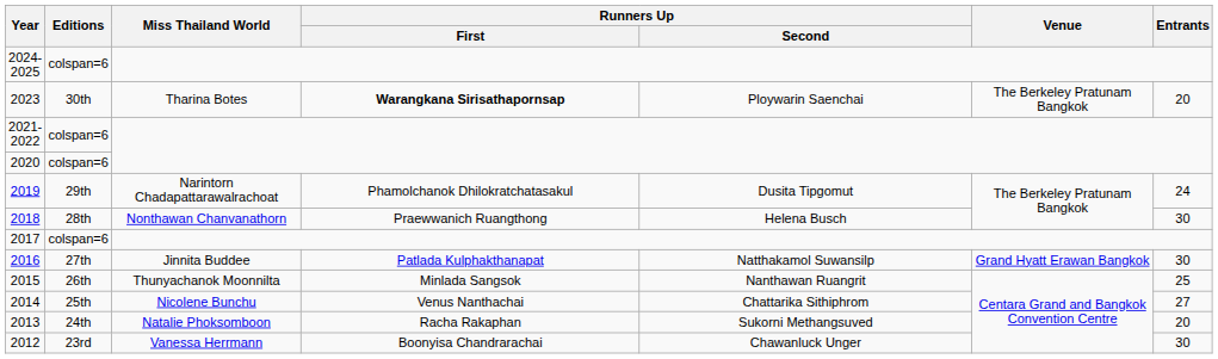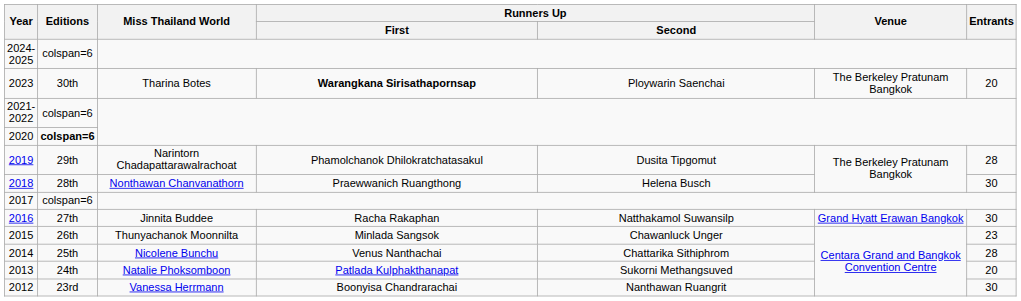 <table class="wikitable" style="font-size: 85%;">
 <tr>
 <th rowspan="2" width="1%">Year</th>
 <th rowspan="2" width="1%">Editions</th>
 <th rowspan="2"  width="200">Miss Thailand World</th>
 <th colspan="2" width="800">Runners Up</th>
 <th rowspan="2" width="15%">Venue</th>
 <th rowspan="2" width="1%">Entrants</th>
 </tr>
 <tr>
 <th width="200">First</th>
 <th width="200">Second</th>
 </tr>
 <tr style="text-align:center;">
 <td>2024-2025</td>
 <td>colspan=6 </td>
 </tr>
 <tr style="text-align:center;">
 <td>2023</td>
 <td>30th</td>
 <td>Tharina Botes<br></td>
 <td><strong>Warangkana Sirisathapornsap<br></strong></td>
 <td>Ploywarin Saenchai<br></td>
 <td>The Berkeley Pratunam Bangkok</td>
 <td>20</td>
 </tr>
 <tr style="text-align:center;">
 <td>2021-2022</td>
 <td>colspan=6 </td>
 </tr>
 <tr style="text-align:center;">
 <td>2020</td>
-<td>colspan=6 </td>
+<td><strong>colspan=6 </strong></td>
 </tr>
 <tr style="text-align:center;">
 <td><a href='#'>2019</a></td>
 <td>29th</td>
 <td>Narintorn Chadapattarawalrachoat<br></td>
 <td>Phamolchanok Dhilokratchatasakul<br></td>
 <td>Dusita Tipgomut<br></td>
 <td rowspan="2">The Berkeley Pratunam Bangkok</td>
-<td>24</td>
+<td>28</td>
 </tr>
 <tr style="text-align:center;">
 <td><a href='#'>2018</a></td>
 <td>28th</td>
 <td><a href='#'>Nonthawan Chanvanathorn</a><br></td>
 <td>Praewwanich Ruangthong<br></td>
 <td>Helena Busch<br></td>
 <td>30</td>
 </tr>
 <tr style="text-align:center;">
 <td>2017</td>
 <td>colspan=6 </td>
 </tr>
 <tr style="text-align:center;">
 <td><a href='#'>2016</a></td>
 <td>27th</td>
 <td>Jinnita Buddee<br></td>
-<td><a href='#'>Patlada Kulphakthanapat</a><br></td>
+<td>Racha Rakaphan<br></td>
 <td>Natthakamol Suwansilp<br></td>
 <td><a href='#'>Grand Hyatt Erawan Bangkok</a></td>
 <td>30</td>
 </tr>
 <tr style="text-align:center;">
 <td>2015</td>
 <td>26th</td>
 <td>Thunyachanok Moonnilta<br></td>
 <td>Minlada Sangsok<br></td>
-<td>Nanthawan Ruangrit<br></td>
+<td>Chawanluck Unger<br></td>
 <td rowspan="4"><a href='#'>Centara Grand and Bangkok Convention Centre</a></td>
-<td>25</td>
+<td>23</td>
 </tr>
 <tr style="text-align:center;">
 <td>2014</td>
 <td>25th</td>
 <td><a href='#'>Nicolene Bunchu</a><br></td>
 <td>Venus Nanthachai<br></td>
 <td>Chattarika Sithiphrom<br></td>
-<td>27</td>
+<td>28</td>
 </tr>
 <tr style="text-align:center;">
 <td>2013</td>
 <td>24th</td>
 <td><a href='#'>Natalie Phoksomboon</a><br></td>
-<td>Racha Rakaphan<br></td>
+<td><a href='#'>Patlada Kulphakthanapat</a><br></td>
 <td>Sukorni Methangsuved<br></td>
 <td>20</td>
 </tr>
 <tr style="text-align:center;">
 <td>2012</td>
 <td>23rd</td>
 <td><a href='#'>Vanessa Herrmann</a><br></td>
 <td>Boonyisa Chandrarachai<br></td>
-<td>Chawanluck Unger<br></td>
+<td>Nanthawan Ruangrit<br></td>
 <td>30</td>
 </tr>
 </table>
